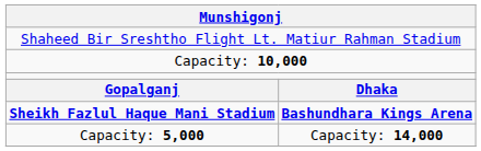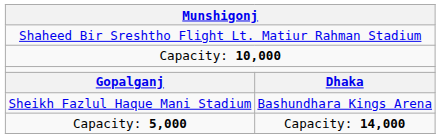 <table class="wikitable" style="margin:1em auto; text-align:center">
 <tr>
 <th colspan=2><a href='#'>Munshigonj</a></th>
 </tr>
 <tr>
 <td colspan=2><a href='#'>Shaheed Bir Sreshtho Flight Lt. Matiur Rahman Stadium</a></td>
 </tr>
 <tr>
 <td colspan=2>Capacity: <strong>10,000</strong></td>
 </tr>
 <tr>
 <td colspan=3></td>
 </tr>
 <tr>
 <th><a href='#'>Gopalganj</a></th>
 <th><a href='#'>Dhaka</a></th>
 </tr>
 <tr>
-<td><strong><a href='#'>Sheikh Fazlul Haque Mani Stadium</a></strong></td>
-<td><strong><a href='#'>Bashundhara Kings Arena</a></strong></td>
+<td><a href='#'>Sheikh Fazlul Haque Mani Stadium</a></td>
+<td><a href='#'>Bashundhara Kings Arena</a></td>
 </tr>
 <tr>
 <td>Capacity: <strong>5,000</strong></td>
 <td>Capacity: <strong>14,000</strong></td>
 </tr>
 <tr>
 </tr>
 </table>
